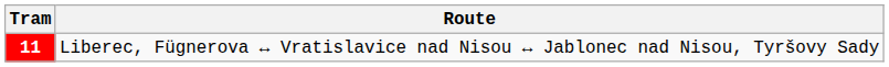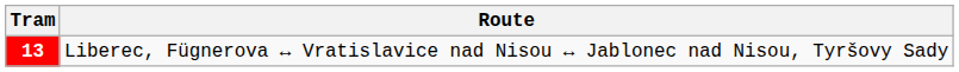 <table class="wikitable">
 <tr>
 <th>Tram</th>
 <th>Route</th>
 </tr>
 <tr>
-<td align="center" style="color: white; background-color: #ff0000"><strong>11</strong></td>
+<td align="center" style="color: white; background-color: #ff0000"><strong>13</strong></td>
 <td>Liberec, Fügnerova ↔ Vratislavice nad Nisou ↔ Jablonec nad Nisou, Tyršovy Sady</td>
 </tr>
 </table>
